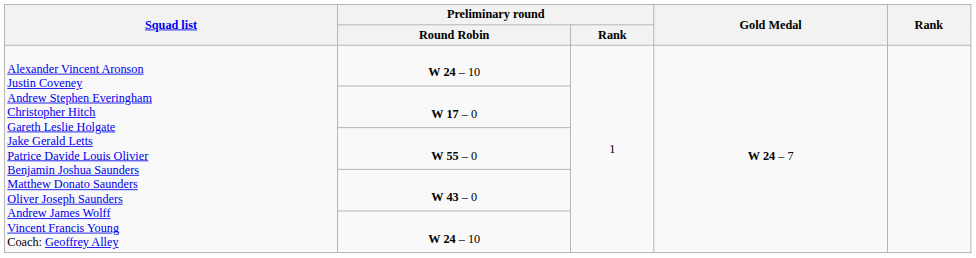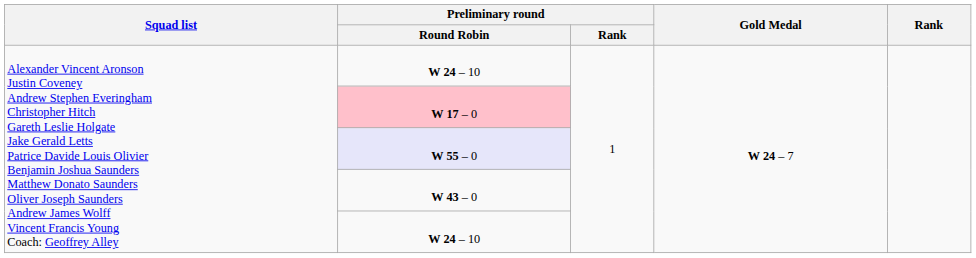 <table class="wikitable" width="90%" style="text-align:left; font-size:90%">
 <tr>
 <th rowspan="2" width="20%"><a href='#'>Squad list</a></th>
 <th colspan="2">Preliminary round</th>
 <th rowspan="2" width="14%">Gold Medal</th>
 <th rowspan="2" width="5%">Rank</th>
 </tr>
 <tr>
 <th width="14%">Round Robin</th>
 <th width="5%">Rank</th>
 </tr>
 <tr>
 <td rowspan="5"><br><a href='#'>Alexander Vincent Aronson</a><br> <a href='#'>Justin Coveney</a><br> <a href='#'>Andrew Stephen Everingham</a><br> <a href='#'>Christopher Hitch</a> <br> <a href='#'>Gareth Leslie Holgate</a> <br> <a href='#'>Jake Gerald Letts</a> <br> <a href='#'>Patrice Davide Louis Olivier</a><br> <a href='#'>Benjamin Joshua Saunders</a><br> <a href='#'>Matthew Donato Saunders</a><br> <a href='#'>Oliver Joseph Saunders</a><br> <a href='#'>Andrew James Wolff</a><br> <a href='#'>Vincent Francis Young</a> <br> Coach:  <a href='#'>Geoffrey Alley</a></td>
 <td align=center><br> <strong>W</strong> <strong>24</strong> – 10</td>
 <td rowspan=5 align=center>1 <strong></strong></td>
 <td rowspan=5 align=center> <br> <strong>W</strong> <strong>24</strong> – 7</td>
 <td rowspan=5 align=center></td>
 </tr>
 <tr>
-<td align=center><br> <strong>W</strong> <strong>17</strong> – 0</td>
+<td align=center style="background: pink;"><br> <strong>W</strong> <strong>17</strong> – 0</td>
 </tr>
 <tr>
-<td align=center><br> <strong>W</strong> <strong>55</strong> – 0</td>
+<td align=center style="background: lavender;"><br> <strong>W</strong> <strong>55</strong> – 0</td>
 </tr>
 <tr>
 <td align=center><br> <strong>W</strong> <strong>43</strong> – 0</td>
 </tr>
 <tr>
 <td align=center><br> <strong>W</strong> <strong>24</strong> – 10</td>
 </tr>
 </table>
